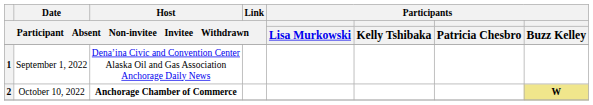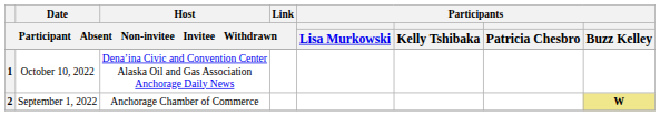 <table class="wikitable mw-collapsible" style="text-align:center;">
 <tr style="font-size:small;">
 <th scope="col"></th>
 <th scope="col">Date</th>
 <th scope="col">Host</th>
 <th scope="col">Link</th>
 <th scope="col" colspan="4">Participants</th>
 </tr>
 <tr>
 <th colspan="4" rowspan="2"> <small>Participant  </small> <small>Absent  </small> <small>Non-invitee  </small> <small>Invitee  </small> <small>Withdrawn  </small></th>
 <th scope="col" style="background:"></th>
 <th scope="col" style="background:"></th>
 <th scope="col" style="background:"></th>
 <th scope="col" style="background:"></th>
 </tr>
 <tr>
 <th scope="col"><a href='#'>Lisa Murkowski</a></th>
 <th scope="col">Kelly Tshibaka</th>
 <th scope="col">Patricia Chesbro</th>
 <th scole="col">Buzz Kelley</th>
 </tr>
 <tr>
 </tr>
 <tr style="background:#FFFFFF;font-size:small;">
 <th scope="row">1</th>
-<td style="white-space:nowrap;">September 1, 2022</td>
+<td style="white-space:nowrap;">October 10, 2022</td>
 <td style="white-space:nowrap;"><a href='#'>Denaʼina Civic and Convention Center</a><br>Alaska Oil and Gas Association<br><a href='#'>Anchorage Daily News</a></td>
 <td style="white-space:nowrap;"></td>
 <td></td>
 <td></td>
 <td></td>
 <td></td>
 </tr>
 <tr style="background:#FFFFFF;font-size:small;">
 <th scope="row">2</th>
-<td style="white-space:nowrap;">October 10, 2022</td>
-<td style="white-space:nowrap;"><strong>Anchorage Chamber of Commerce</strong></td>
+<td style="white-space:nowrap;">September 1, 2022</td>
+<td style="white-space:nowrap;">Anchorage Chamber of Commerce</td>
 <td style="white-space:nowrap;"></td>
 <td></td>
 <td></td>
 <td></td>
 <td style="background-color:#f0e68c"><strong>W</strong></td>
 </tr>
 <tr style="background:#FFFFFF;font-size:small;">
 </tr>
 </table>
